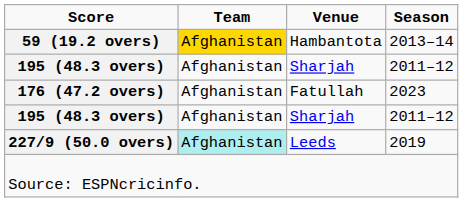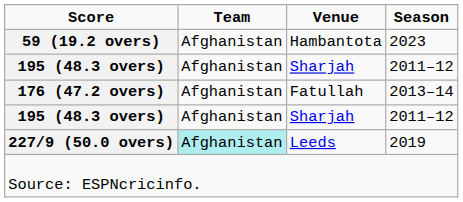 <table class="wikitable">
 <tr>
 <td align="center"><strong>Score</strong></td>
 <td align="center"><strong>Team</strong></td>
 <td align="center"><strong>Venue</strong></td>
 <td align="center"><strong>Season</strong></td>
 </tr>
 <tr>
 <th>59 (19.2 overs)</th>
-<td style="background: gold;">Afghanistan</td>
+<td>Afghanistan</td>
 <td>Hambantota</td>
-<td>2013–14</td>
+<td>2023</td>
 </tr>
 <tr>
 <th>195 (48.3 overs)</th>
 <td>Afghanistan</td>
 <td><a href='#'>Sharjah</a></td>
 <td>2011–12</td>
 </tr>
 <tr>
 <th>176 (47.2 overs)</th>
 <td>Afghanistan</td>
 <td>Fatullah</td>
-<td>2023</td>
+<td>2013–14</td>
 </tr>
 <tr>
 <th>195 (48.3 overs)</th>
 <td>Afghanistan</td>
 <td><a href='#'>Sharjah</a></td>
 <td>2011–12</td>
 </tr>
 <tr>
 <th>227/9 (50.0 overs)</th>
 <td style="background: paleturquoise;">Afghanistan</td>
 <td><a href='#'>Leeds</a></td>
 <td>2019</td>
 </tr>
 <tr>
 <td colspan="5"><br>Source: ESPNcricinfo.</td>
 </tr>
 </table>
